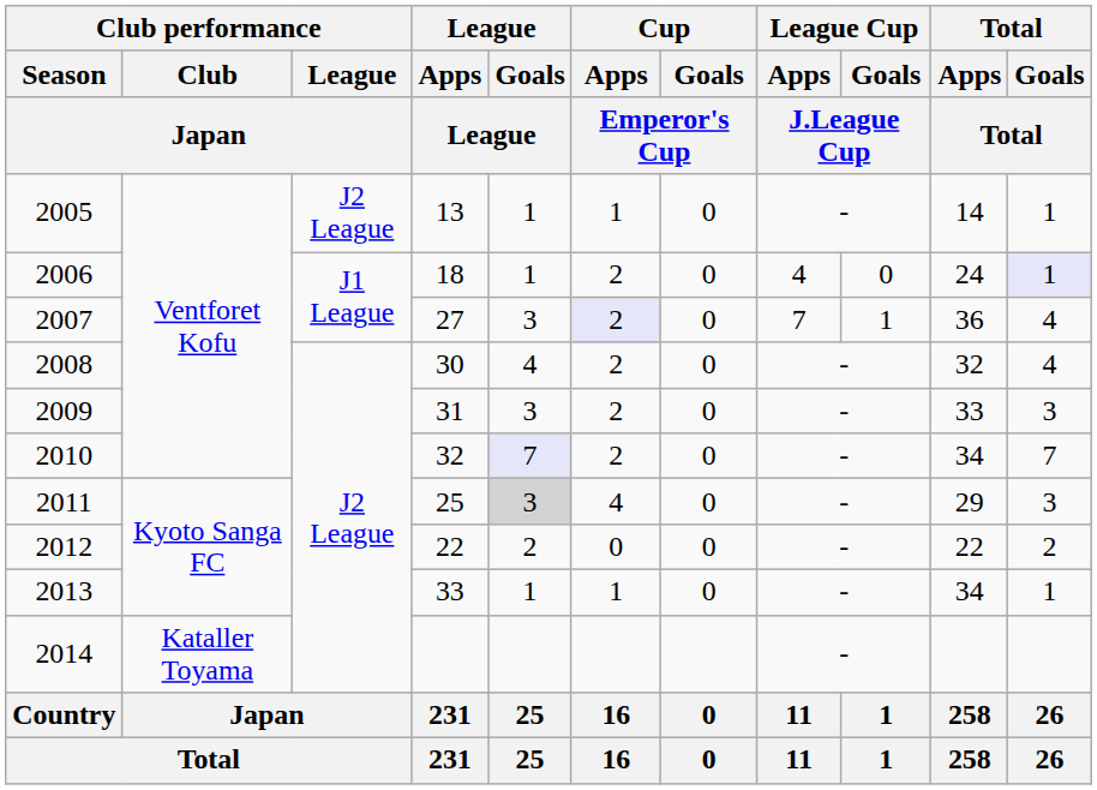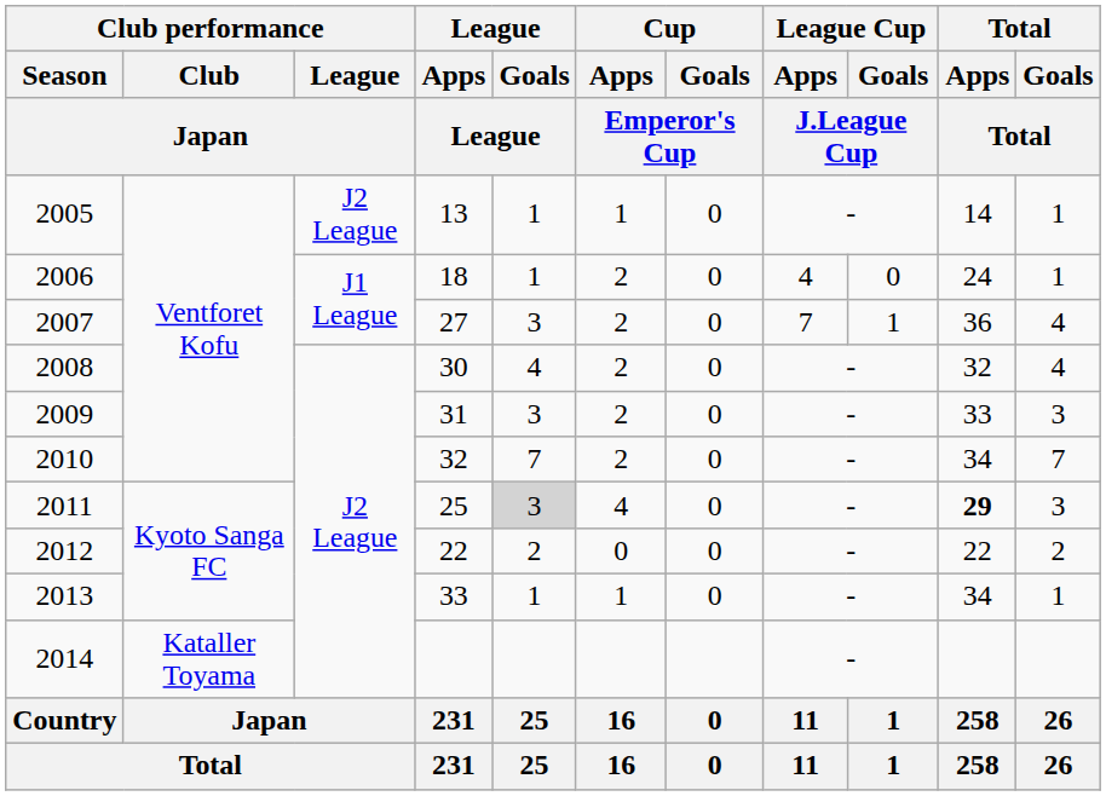 <table class="wikitable" style="text-align:center;">
 <tr>
 <th colspan=3>Club performance</th>
 <th colspan=2>League</th>
 <th colspan=2>Cup</th>
 <th colspan=2>League Cup</th>
 <th colspan=2>Total</th>
 </tr>
 <tr>
 <th>Season</th>
 <th>Club</th>
 <th>League</th>
 <th>Apps</th>
 <th>Goals</th>
 <th>Apps</th>
 <th>Goals</th>
 <th>Apps</th>
 <th>Goals</th>
 <th>Apps</th>
 <th>Goals</th>
 </tr>
 <tr>
 <th colspan=3>Japan</th>
 <th colspan=2>League</th>
 <th colspan=2><a href='#'>Emperor's Cup</a></th>
 <th colspan=2><a href='#'>J.League Cup</a></th>
 <th colspan=2>Total</th>
 </tr>
 <tr>
 <td>2005</td>
 <td rowspan="6"><a href='#'>Ventforet Kofu</a></td>
 <td><a href='#'>J2 League</a></td>
 <td>13</td>
 <td>1</td>
 <td>1</td>
 <td>0</td>
 <td colspan="2">-</td>
 <td>14</td>
 <td>1</td>
 </tr>
 <tr>
 <td>2006</td>
 <td rowspan="2"><a href='#'>J1 League</a></td>
 <td>18</td>
 <td>1</td>
 <td>2</td>
 <td>0</td>
 <td>4</td>
 <td>0</td>
 <td>24</td>
-<td style="background: lavender;">1</td>
+<td>1</td>
 </tr>
 <tr>
 <td>2007</td>
 <td>27</td>
 <td>3</td>
-<td style="background: lavender;">2</td>
+<td>2</td>
 <td>0</td>
 <td>7</td>
 <td>1</td>
 <td>36</td>
 <td>4</td>
 </tr>
 <tr>
 <td>2008</td>
 <td rowspan="7"><a href='#'>J2 League</a></td>
 <td>30</td>
 <td>4</td>
 <td>2</td>
 <td>0</td>
 <td colspan="2">-</td>
 <td>32</td>
 <td>4</td>
 </tr>
 <tr>
 <td>2009</td>
 <td>31</td>
 <td>3</td>
 <td>2</td>
 <td>0</td>
 <td colspan="2">-</td>
 <td>33</td>
 <td>3</td>
 </tr>
 <tr>
 <td>2010</td>
 <td>32</td>
-<td style="background: lavender;">7</td>
+<td>7</td>
 <td>2</td>
 <td>0</td>
 <td colspan="2">-</td>
 <td>34</td>
 <td>7</td>
 </tr>
 <tr>
 <td>2011</td>
 <td rowspan="3"><a href='#'>Kyoto Sanga FC</a></td>
 <td>25</td>
 <td style="background: lightgrey;">3</td>
 <td>4</td>
 <td>0</td>
 <td colspan="2">-</td>
-<td>29</td>
+<td><strong>29</strong></td>
 <td>3</td>
 </tr>
 <tr>
 <td>2012</td>
 <td>22</td>
 <td>2</td>
 <td>0</td>
 <td>0</td>
 <td colspan="2">-</td>
 <td>22</td>
 <td>2</td>
 </tr>
 <tr>
 <td>2013</td>
 <td>33</td>
 <td>1</td>
 <td>1</td>
 <td>0</td>
 <td colspan="2">-</td>
 <td>34</td>
 <td>1</td>
 </tr>
 <tr>
 <td>2014</td>
 <td><a href='#'>Kataller Toyama</a></td>
 <td></td>
 <td></td>
 <td></td>
 <td></td>
 <td colspan="2">-</td>
 <td></td>
 <td></td>
 </tr>
 <tr>
 <th rowspan=1>Country</th>
 <th colspan=2>Japan</th>
 <th>231</th>
 <th>25</th>
 <th>16</th>
 <th>0</th>
 <th>11</th>
 <th>1</th>
 <th>258</th>
 <th>26</th>
 </tr>
 <tr>
 <th colspan=3>Total</th>
 <th>231</th>
 <th>25</th>
 <th>16</th>
 <th>0</th>
 <th>11</th>
 <th>1</th>
 <th>258</th>
 <th>26</th>
 </tr>
 </table>
